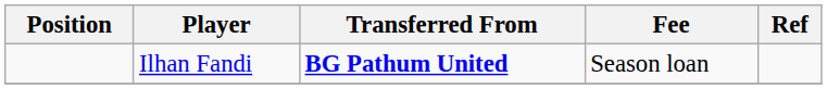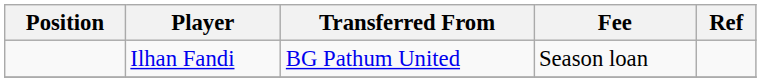 <table class="wikitable sortable" style="width:85%; text-align:center; font-size:100%; text-align:left;">
 <tr>
 <th>Position</th>
 <th>Player</th>
 <th>Transferred From</th>
 <th>Fee</th>
 <th>Ref</th>
 </tr>
 <tr>
 <td></td>
 <td> <a href='#'>Ilhan Fandi</a></td>
-<td><strong> <a href='#'>BG Pathum United</a></strong></td>
+<td> <a href='#'>BG Pathum United</a></td>
 <td>Season loan</td>
 <td></td>
 </tr>
 <tr>
 </tr>
 </table>
